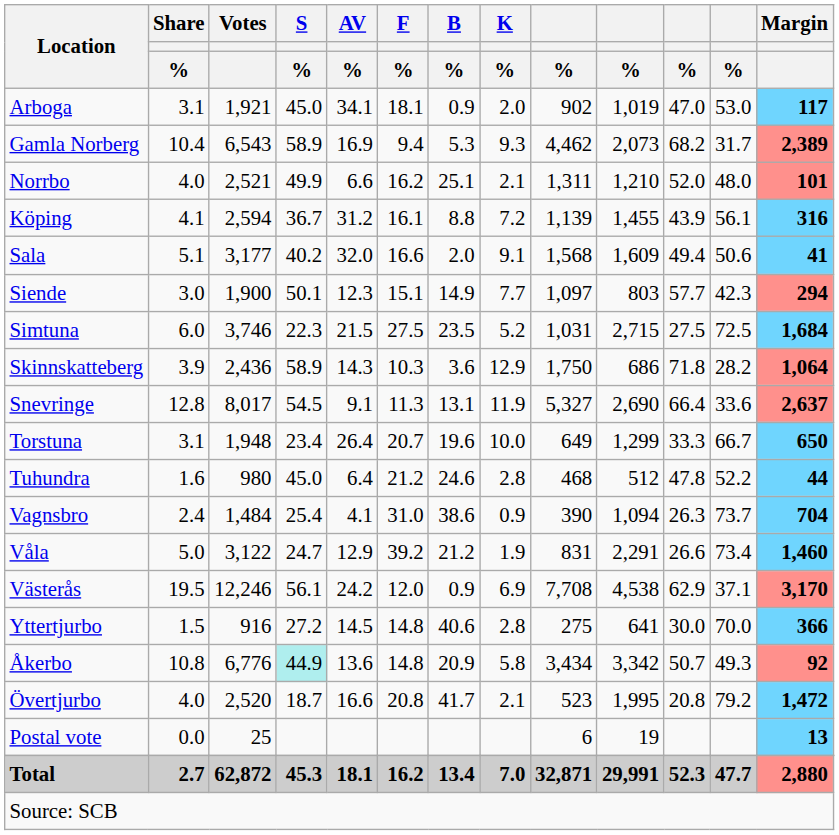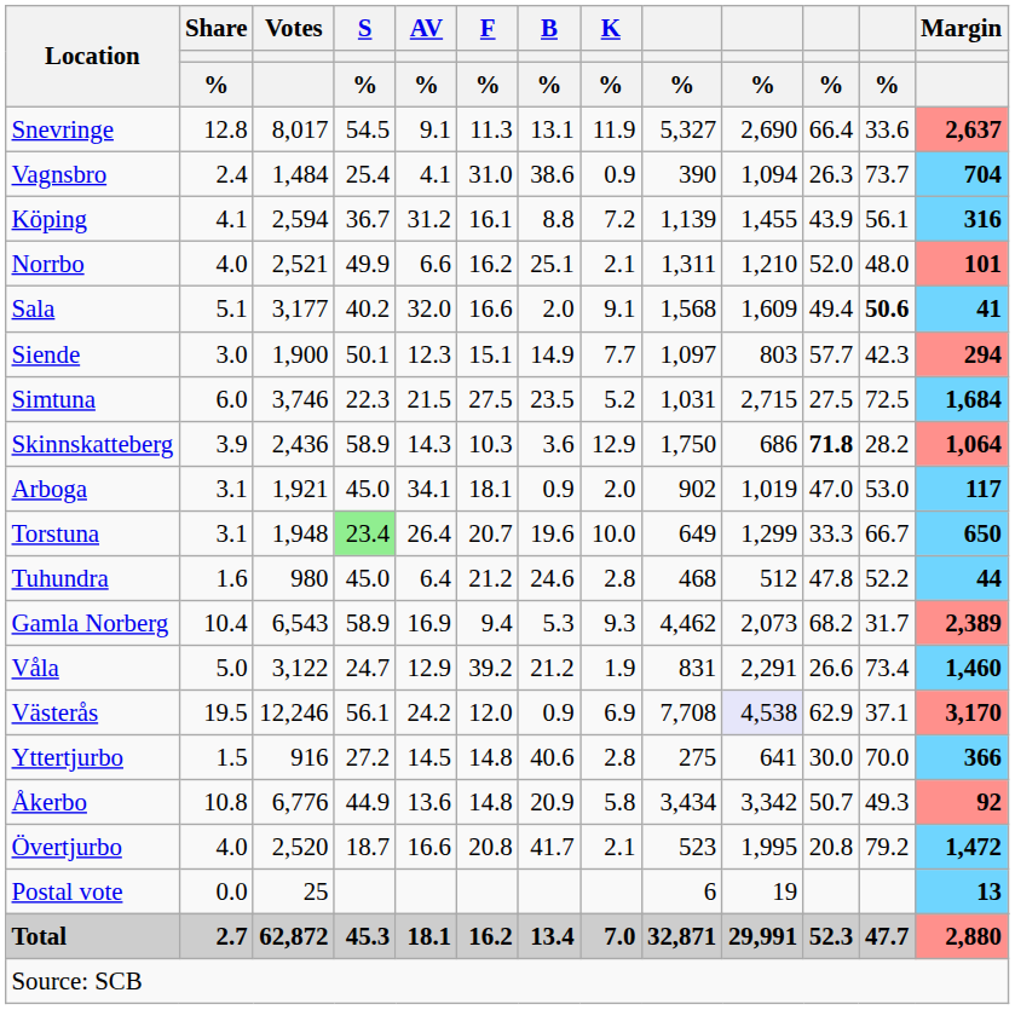 <table class="wikitable sortable" style="text-align:right; font-size:95%; line-height:20px;">
 <tr>
 <th rowspan="3">Location</th>
 <th>Share</th>
 <th>Votes</th>
 <th width="30px" class="unsortable"><a href='#'>S</a></th>
 <th width="30px" class="unsortable"><a href='#'>AV</a></th>
 <th width="30px" class="unsortable"><a href='#'>F</a></th>
 <th width="30px" class="unsortable"><a href='#'>B</a></th>
 <th width="30px" class="unsortable"><a href='#'>K</a></th>
 <th></th>
 <th></th>
 <th></th>
 <th></th>
 <th>Margin</th>
 </tr>
 <tr>
 <th></th>
 <th></th>
 <th style="background:"></th>
 <th style="background:"></th>
 <th style="background:"></th>
 <th style="background:"></th>
 <th style="background:"></th>
 <th style="background:"></th>
 <th style="background:"></th>
 <th style="background:"></th>
 <th style="background:"></th>
 <th></th>
 </tr>
 <tr>
 <th data-sort-type="number">%</th>
 <th></th>
 <th data-sort-type="number">%</th>
 <th data-sort-type="number">%</th>
 <th data-sort-type="number">%</th>
 <th data-sort-type="number">%</th>
 <th data-sort-type="number">%</th>
 <th data-sort-type="number">%</th>
 <th data-sort-type="number">%</th>
 <th data-sort-type="number">%</th>
 <th data-sort-type="number">%</th>
 <th></th>
 </tr>
 <tr>
-<td align=left><a href='#'>Arboga</a></td>
-<td>3.1</td>
-<td>1,921</td>
-<td>45.0</td>
-<td>34.1</td>
-<td>18.1</td>
-<td>0.9</td>
-<td>2.0</td>
-<td>902</td>
-<td>1,019</td>
-<td>47.0</td>
-<td>53.0</td>
-<td bgcolor=#6fd5fe><strong>117</strong></td>
+<td align=left><a href='#'>Snevringe</a></td>
+<td>12.8</td>
+<td>8,017</td>
+<td>54.5</td>
+<td>9.1</td>
+<td>11.3</td>
+<td>13.1</td>
+<td>11.9</td>
+<td>5,327</td>
+<td>2,690</td>
+<td>66.4</td>
+<td>33.6</td>
+<td bgcolor=#ff908c><strong>2,637</strong></td>
 </tr>
 <tr>
-<td align=left><a href='#'>Gamla Norberg</a></td>
-<td>10.4</td>
-<td>6,543</td>
-<td>58.9</td>
-<td>16.9</td>
-<td>9.4</td>
-<td>5.3</td>
-<td>9.3</td>
-<td>4,462</td>
-<td>2,073</td>
-<td>68.2</td>
-<td>31.7</td>
-<td bgcolor=#ff908c><strong>2,389</strong></td>
+<td align=left><a href='#'>Vagnsbro</a></td>
+<td>2.4</td>
+<td>1,484</td>
+<td>25.4</td>
+<td>4.1</td>
+<td>31.0</td>
+<td>38.6</td>
+<td>0.9</td>
+<td>390</td>
+<td>1,094</td>
+<td>26.3</td>
+<td>73.7</td>
+<td bgcolor=#6fd5fe><strong>704</strong></td>
+</tr>
+<tr>
+<td align=left><a href='#'>Köping</a></td>
+<td>4.1</td>
+<td>2,594</td>
+<td>36.7</td>
+<td>31.2</td>
+<td>16.1</td>
+<td>8.8</td>
+<td>7.2</td>
+<td>1,139</td>
+<td>1,455</td>
+<td>43.9</td>
+<td>56.1</td>
+<td bgcolor=#6fd5fe><strong>316</strong></td>
 </tr>
 <tr>
 <td align=left><a href='#'>Norrbo</a></td>
 <td>4.0</td>
 <td>2,521</td>
 <td>49.9</td>
 <td>6.6</td>
 <td>16.2</td>
 <td>25.1</td>
 <td>2.1</td>
 <td>1,311</td>
 <td>1,210</td>
 <td>52.0</td>
 <td>48.0</td>
 <td bgcolor=#ff908c><strong>101</strong></td>
 </tr>
 <tr>
-<td align=left><a href='#'>Köping</a></td>
-<td>4.1</td>
-<td>2,594</td>
-<td>36.7</td>
-<td>31.2</td>
-<td>16.1</td>
-<td>8.8</td>
-<td>7.2</td>
-<td>1,139</td>
-<td>1,455</td>
-<td>43.9</td>
-<td>56.1</td>
-<td bgcolor=#6fd5fe><strong>316</strong></td>
-</tr>
-<tr>
 <td align=left><a href='#'>Sala</a></td>
 <td>5.1</td>
 <td>3,177</td>
 <td>40.2</td>
 <td>32.0</td>
 <td>16.6</td>
 <td>2.0</td>
 <td>9.1</td>
 <td>1,568</td>
 <td>1,609</td>
 <td>49.4</td>
-<td>50.6</td>
+<td><strong>50.6</strong></td>
 <td bgcolor=#6fd5fe><strong>41</strong></td>
 </tr>
 <tr>
 <td align=left><a href='#'>Siende</a></td>
 <td>3.0</td>
 <td>1,900</td>
 <td>50.1</td>
 <td>12.3</td>
 <td>15.1</td>
 <td>14.9</td>
 <td>7.7</td>
 <td>1,097</td>
 <td>803</td>
 <td>57.7</td>
 <td>42.3</td>
 <td bgcolor=#ff908c><strong>294</strong></td>
 </tr>
 <tr>
 <td align=left><a href='#'>Simtuna</a></td>
 <td>6.0</td>
 <td>3,746</td>
 <td>22.3</td>
 <td>21.5</td>
 <td>27.5</td>
 <td>23.5</td>
 <td>5.2</td>
 <td>1,031</td>
 <td>2,715</td>
 <td>27.5</td>
 <td>72.5</td>
 <td bgcolor=#6fd5fe><strong>1,684</strong></td>
 </tr>
 <tr>
 <td align=left><a href='#'>Skinnskatteberg</a></td>
 <td>3.9</td>
 <td>2,436</td>
 <td>58.9</td>
 <td>14.3</td>
 <td>10.3</td>
 <td>3.6</td>
 <td>12.9</td>
 <td>1,750</td>
 <td>686</td>
-<td>71.8</td>
+<td><strong>71.8</strong></td>
 <td>28.2</td>
 <td bgcolor=#ff908c><strong>1,064</strong></td>
 </tr>
 <tr>
-<td align=left><a href='#'>Snevringe</a></td>
-<td>12.8</td>
-<td>8,017</td>
-<td>54.5</td>
-<td>9.1</td>
-<td>11.3</td>
-<td>13.1</td>
-<td>11.9</td>
-<td>5,327</td>
-<td>2,690</td>
-<td>66.4</td>
-<td>33.6</td>
-<td bgcolor=#ff908c><strong>2,637</strong></td>
+<td align=left><a href='#'>Arboga</a></td>
+<td>3.1</td>
+<td>1,921</td>
+<td>45.0</td>
+<td>34.1</td>
+<td>18.1</td>
+<td>0.9</td>
+<td>2.0</td>
+<td>902</td>
+<td>1,019</td>
+<td>47.0</td>
+<td>53.0</td>
+<td bgcolor=#6fd5fe><strong>117</strong></td>
 </tr>
 <tr>
 <td align=left><a href='#'>Torstuna</a></td>
 <td>3.1</td>
 <td>1,948</td>
-<td>23.4</td>
+<td style="background: lightgreen;">23.4</td>
 <td>26.4</td>
 <td>20.7</td>
 <td>19.6</td>
 <td>10.0</td>
 <td>649</td>
 <td>1,299</td>
 <td>33.3</td>
 <td>66.7</td>
 <td bgcolor=#6fd5fe><strong>650</strong></td>
 </tr>
 <tr>
 <td align=left><a href='#'>Tuhundra</a></td>
 <td>1.6</td>
 <td>980</td>
 <td>45.0</td>
 <td>6.4</td>
 <td>21.2</td>
 <td>24.6</td>
 <td>2.8</td>
 <td>468</td>
 <td>512</td>
 <td>47.8</td>
 <td>52.2</td>
 <td bgcolor=#6fd5fe><strong>44</strong></td>
 </tr>
 <tr>
-<td align=left><a href='#'>Vagnsbro</a></td>
-<td>2.4</td>
-<td>1,484</td>
-<td>25.4</td>
-<td>4.1</td>
-<td>31.0</td>
-<td>38.6</td>
-<td>0.9</td>
-<td>390</td>
-<td>1,094</td>
-<td>26.3</td>
-<td>73.7</td>
-<td bgcolor=#6fd5fe><strong>704</strong></td>
+<td align=left><a href='#'>Gamla Norberg</a></td>
+<td>10.4</td>
+<td>6,543</td>
+<td>58.9</td>
+<td>16.9</td>
+<td>9.4</td>
+<td>5.3</td>
+<td>9.3</td>
+<td>4,462</td>
+<td>2,073</td>
+<td>68.2</td>
+<td>31.7</td>
+<td bgcolor=#ff908c><strong>2,389</strong></td>
 </tr>
 <tr>
 <td align=left><a href='#'>Våla</a></td>
 <td>5.0</td>
 <td>3,122</td>
 <td>24.7</td>
 <td>12.9</td>
 <td>39.2</td>
 <td>21.2</td>
 <td>1.9</td>
 <td>831</td>
 <td>2,291</td>
 <td>26.6</td>
 <td>73.4</td>
 <td bgcolor=#6fd5fe><strong>1,460</strong></td>
 </tr>
 <tr>
 <td align=left><a href='#'>Västerås</a></td>
 <td>19.5</td>
 <td>12,246</td>
 <td>56.1</td>
 <td>24.2</td>
 <td>12.0</td>
 <td>0.9</td>
 <td>6.9</td>
 <td>7,708</td>
-<td>4,538</td>
+<td style="background: lavender;">4,538</td>
 <td>62.9</td>
 <td>37.1</td>
 <td bgcolor=#ff908c><strong>3,170</strong></td>
 </tr>
 <tr>
 <td align=left><a href='#'>Yttertjurbo</a></td>
 <td>1.5</td>
 <td>916</td>
 <td>27.2</td>
 <td>14.5</td>
 <td>14.8</td>
 <td>40.6</td>
 <td>2.8</td>
 <td>275</td>
 <td>641</td>
 <td>30.0</td>
 <td>70.0</td>
 <td bgcolor=#6fd5fe><strong>366</strong></td>
 </tr>
 <tr>
 <td align=left><a href='#'>Åkerbo</a></td>
 <td>10.8</td>
 <td>6,776</td>
-<td style="background: paleturquoise;">44.9</td>
+<td>44.9</td>
 <td>13.6</td>
 <td>14.8</td>
 <td>20.9</td>
 <td>5.8</td>
 <td>3,434</td>
 <td>3,342</td>
 <td>50.7</td>
 <td>49.3</td>
 <td bgcolor=#ff908c><strong>92</strong></td>
 </tr>
 <tr>
 <td align=left><a href='#'>Övertjurbo</a></td>
 <td>4.0</td>
 <td>2,520</td>
 <td>18.7</td>
 <td>16.6</td>
 <td>20.8</td>
 <td>41.7</td>
 <td>2.1</td>
 <td>523</td>
 <td>1,995</td>
 <td>20.8</td>
 <td>79.2</td>
 <td bgcolor=#6fd5fe><strong>1,472</strong></td>
 </tr>
 <tr>
 <td align=left><a href='#'>Postal vote</a></td>
 <td>0.0</td>
 <td>25</td>
 <td></td>
 <td></td>
 <td></td>
 <td></td>
 <td></td>
 <td>6</td>
 <td>19</td>
 <td></td>
 <td></td>
 <td bgcolor=#6fd5fe><strong>13</strong></td>
 </tr>
 <tr>
 </tr>
 <tr style="background:#CDCDCD;">
 <td align=left><strong>Total</strong></td>
 <td><strong>2.7</strong></td>
 <td><strong>62,872</strong></td>
 <td><strong>45.3</strong></td>
 <td><strong>18.1</strong></td>
 <td><strong>16.2</strong></td>
 <td><strong>13.4</strong></td>
 <td><strong>7.0</strong></td>
 <td><strong>32,871</strong></td>
 <td><strong>29,991</strong></td>
 <td><strong>52.3</strong></td>
 <td><strong>47.7</strong></td>
 <td bgcolor=#ff908c><strong>2,880</strong></td>
 </tr>
 <tr>
 <td align=left colspan=13>Source: SCB </td>
 </tr>
 </table>
